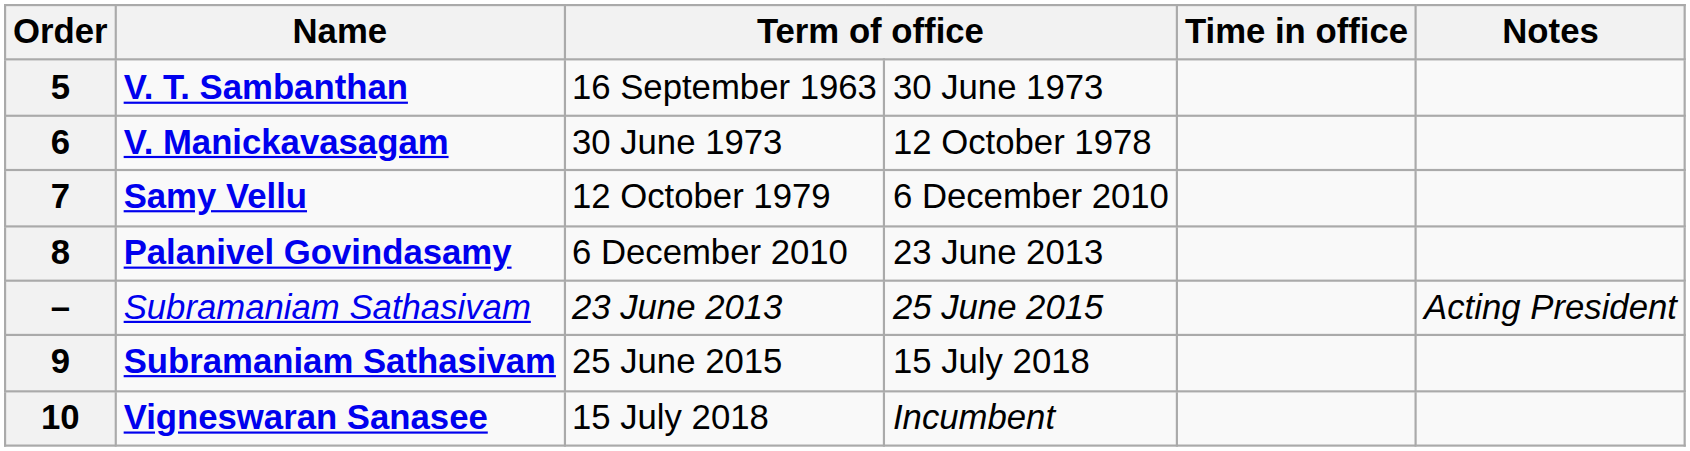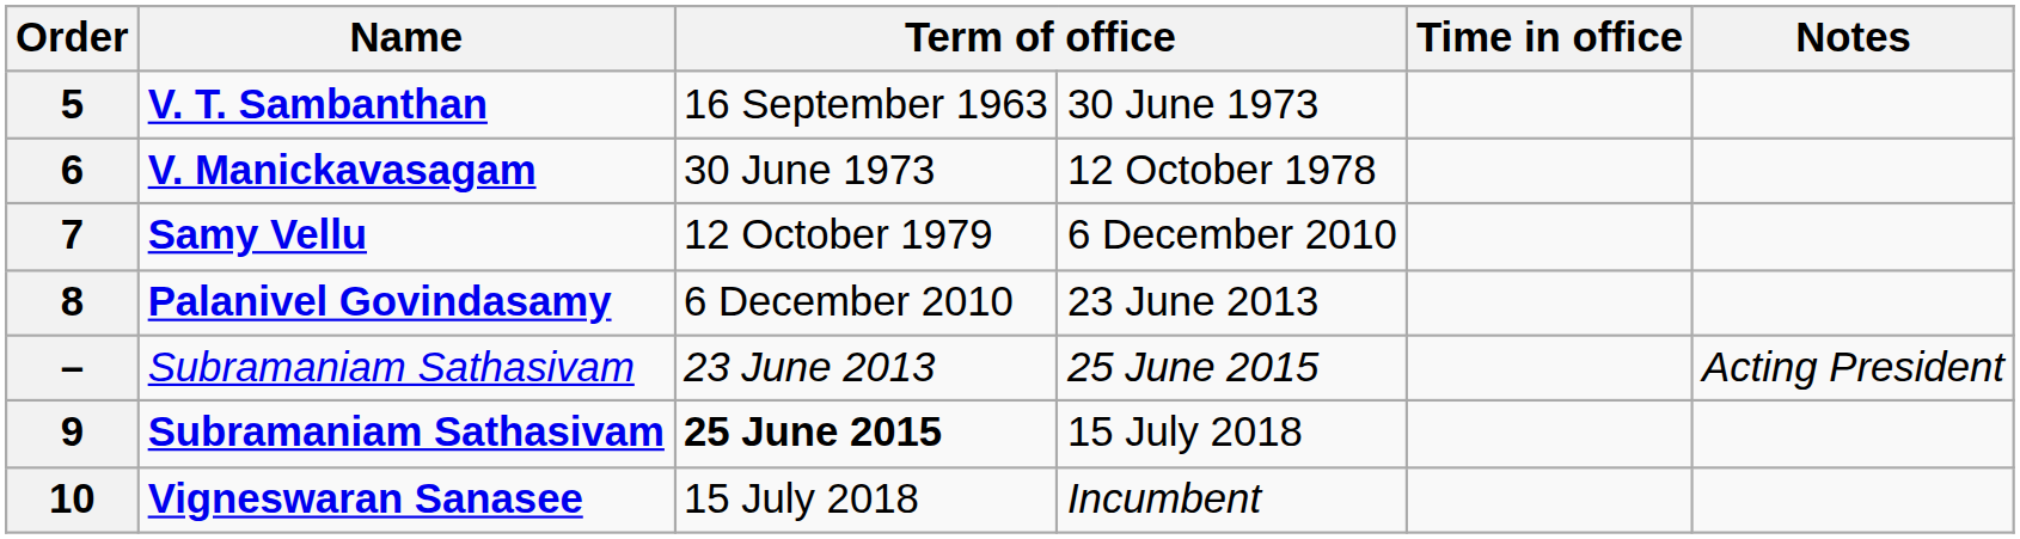 <table class="wikitable">
 <tr>
 <th>Order</th>
 <th>Name</th>
 <th colspan="2">Term of office</th>
 <th>Time in office</th>
 <th>Notes</th>
 </tr>
 <tr>
 <th>5</th>
 <td><strong><a href='#'>V. T. Sambanthan</a></strong></td>
 <td>16 September 1963</td>
 <td>30 June 1973</td>
 <td></td>
 <td></td>
 </tr>
 <tr>
 <th>6</th>
 <td><strong><a href='#'>V. Manickavasagam</a></strong></td>
 <td>30 June 1973</td>
 <td>12 October 1978</td>
 <td></td>
 <td></td>
 </tr>
 <tr>
 <th>7</th>
 <td><strong><a href='#'>Samy Vellu</a></strong></td>
 <td>12 October 1979</td>
 <td>6 December 2010</td>
 <td></td>
 <td></td>
 </tr>
 <tr>
 <th>8</th>
 <td><strong><a href='#'>Palanivel Govindasamy</a></strong></td>
 <td>6 December 2010</td>
 <td>23 June 2013</td>
 <td></td>
 <td></td>
 </tr>
 <tr>
 <th>–</th>
 <td><em><a href='#'>Subramaniam Sathasivam</a></em></td>
 <td><em>23 June 2013</em></td>
 <td><em>25 June 2015</em></td>
 <td><em></em></td>
 <td><em>Acting President</em></td>
 </tr>
 <tr>
 <th>9</th>
 <td><strong><a href='#'>Subramaniam Sathasivam</a></strong></td>
-<td>25 June 2015</td>
+<td><strong>25 June 2015</strong></td>
 <td>15 July 2018</td>
 <td></td>
 <td></td>
 </tr>
 <tr>
 <th>10</th>
 <td><strong><a href='#'>Vigneswaran Sanasee</a></strong></td>
 <td>15 July 2018</td>
 <td><em>Incumbent</em></td>
 <td></td>
 <td></td>
 </tr>
 </table>
